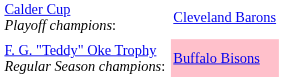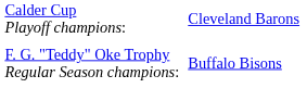 <table cellpadding="3" cellspacing="3">
 <tr>
 <td><a href='#'>Calder Cup</a><br><em>Playoff champions</em>:</td>
 <td><a href='#'>Cleveland Barons</a></td>
 </tr>
 <tr>
 <td><a href='#'>F. G. "Teddy" Oke Trophy</a><br><em>Regular Season champions</em>:</td>
-<td style="background: pink;"><a href='#'>Buffalo Bisons</a></td>
+<td><a href='#'>Buffalo Bisons</a></td>
 </tr>
 </table>
